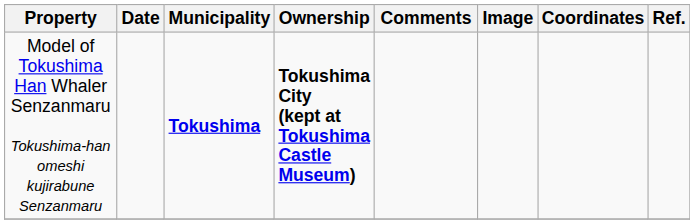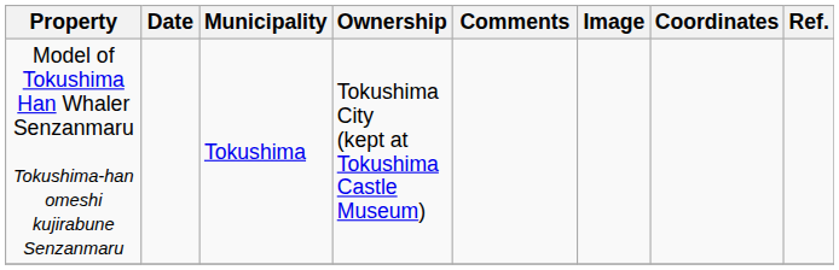 <table class="wikitable sortable"  style="width:100%;">
 <tr>
 <th width="25%" align="left">Property</th>
 <th width="10%" align="left">Date</th>
 <th width="10%" align="left">Municipality</th>
 <th width="10%" align="left">Ownership</th>
 <th width="25%" align="left" class="unsortable">Comments</th>
 <th width="10%" align="left" class="unsortable">Image</th>
 <th width="5%" align="left" class="unsortable">Coordinates</th>
 <th width="5%" align="left" class="unsortable">Ref.</th>
 </tr>
 <tr>
 <td align="center">Model of <a href='#'>Tokushima Han</a> Whaler Senzanmaru<br><br><small><em>Tokushima-han omeshi kujirabune Senzanmaru</em></small></td>
 <td></td>
-<td><strong><a href='#'>Tokushima</a></strong></td>
-<td><strong>Tokushima City<br>(kept at <a href='#'>Tokushima Castle Museum</a>)</strong></td>
+<td><a href='#'>Tokushima</a></td>
+<td>Tokushima City<br>(kept at <a href='#'>Tokushima Castle Museum</a>)</td>
 <td></td>
 <td></td>
 <td></td>
 <td></td>
 </tr>
 <tr>
 </tr>
 </table>
